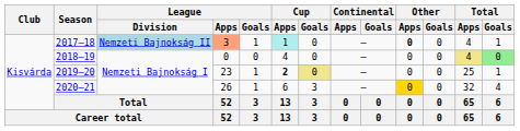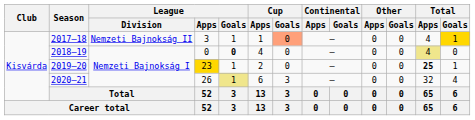 <table class="wikitable" style="text-align:center">
 <tr>
 <th rowspan="2">Club</th>
 <th rowspan="2">Season</th>
 <th colspan="3">League</th>
 <th colspan="2">Cup</th>
 <th colspan="2">Continental</th>
 <th colspan="2">Other</th>
 <th colspan="2">Total</th>
 </tr>
 <tr>
 <th>Division</th>
 <th>Apps</th>
 <th>Goals</th>
 <th>Apps</th>
 <th>Goals</th>
 <th>Apps</th>
 <th>Goals</th>
 <th>Apps</th>
 <th>Goals</th>
 <th>Apps</th>
 <th>Goals</th>
 </tr>
 <tr>
 <td rowspan="5"><a href='#'>Kisvárda</a></td>
 <td><a href='#'>2017–18</a></td>
-<td style="background: lightblue;"><a href='#'>Nemzeti Bajnokság II</a></td>
-<td style="background: lightsalmon;">3</td>
+<td><a href='#'>Nemzeti Bajnokság II</a></td>
+<td>3</td>
 <td>1</td>
-<td style="background: paleturquoise;">1</td>
+<td>1</td>
+<td style="background: lightsalmon;">0</td>
+<td colspan="2">—</td>
 <td>0</td>
-<td colspan="2">—</td>
-<td><strong>0</strong></td>
 <td>0</td>
 <td>4</td>
-<td>1</td>
+<td style="background: gold;">1</td>
 </tr>
 <tr>
 <td><a href='#'>2018–19</a></td>
 <td rowspan="3"><a href='#'>Nemzeti Bajnokság I</a></td>
 <td>0</td>
-<td>0</td>
+<td><strong>0</strong></td>
 <td>4</td>
 <td>0</td>
 <td colspan="2">—</td>
 <td>0</td>
 <td>0</td>
 <td style="background: khaki;">4</td>
-<td style="background: lightgreen;">0</td>
+<td>0</td>
 </tr>
 <tr>
 <td><a href='#'>2019–20</a></td>
-<td>23</td>
+<td style="background: gold;">23</td>
 <td>1</td>
-<td><strong>2</strong></td>
-<td style="background: khaki;">0</td>
+<td>2</td>
+<td>0</td>
 <td colspan="2">—</td>
 <td>0</td>
 <td>0</td>
-<td>25</td>
+<td><strong>25</strong></td>
 <td>1</td>
 </tr>
 <tr>
 <td><a href='#'>2020–21</a></td>
 <td>26</td>
-<td>1</td>
+<td style="background: khaki;">1</td>
 <td>6</td>
 <td>3</td>
 <td colspan="2">—</td>
-<td style="background: gold;">0</td>
+<td>0</td>
 <td>0</td>
 <td>32</td>
 <td>4</td>
 </tr>
 <tr>
 <th colspan="2">Total</th>
 <th>52</th>
 <th>3</th>
 <th>13</th>
 <th>3</th>
 <th>0</th>
 <th>0</th>
 <th>0</th>
 <th>0</th>
 <th>65</th>
 <th>6</th>
 </tr>
 <tr>
 <th colspan="3">Career total</th>
 <th>52</th>
 <th>3</th>
 <th>13</th>
 <th>3</th>
 <th>0</th>
 <th>0</th>
 <th>0</th>
 <th>0</th>
 <th>65</th>
 <th>6</th>
 </tr>
 </table>
